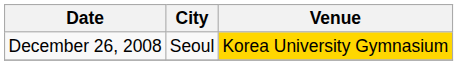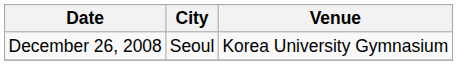 <table class="wikitable" style="text-align:center;">
 <tr>
 <th>Date</th>
 <th>City</th>
 <th>Venue</th>
 </tr>
 <tr>
 <td>December 26, 2008</td>
 <td>Seoul</td>
-<td style="background: gold;">Korea University Gymnasium</td>
+<td>Korea University Gymnasium</td>
 </tr>
 <tr>
 </tr>
 </table>
